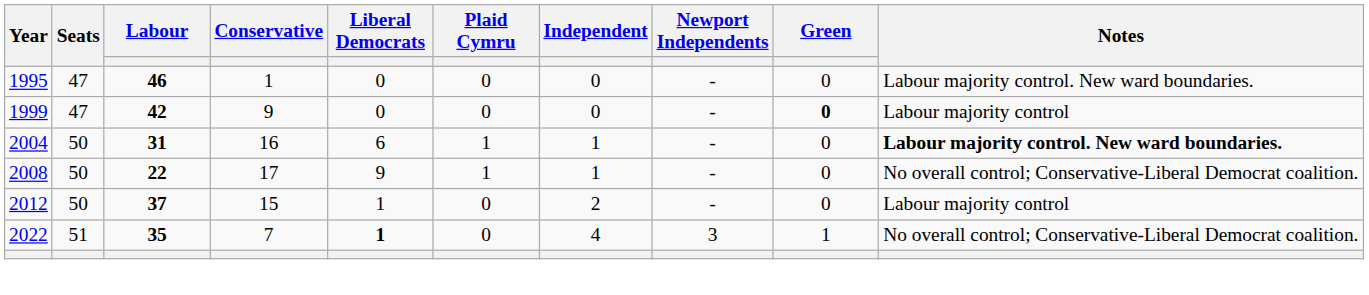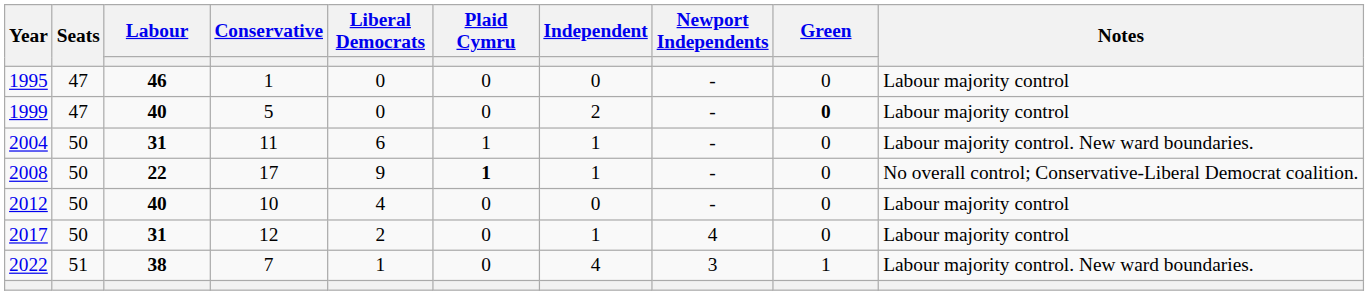 <table class="wikitable" style=text-align:center>
 <tr>
 <th rowspan=2>Year</th>
 <th rowspan=2>Seats</th>
 <th width="80"><a href='#'>Labour</a></th>
 <th width="80"><a href='#'>Conservative</a></th>
 <th width="80"><a href='#'>Liberal Democrats</a></th>
 <th width="80"><a href='#'>Plaid Cymru</a></th>
 <th width="80"><a href='#'>Independent</a></th>
 <th width="80"><a href='#'>Newport Independents</a></th>
 <th width="80"><a href='#'>Green</a></th>
 <th rowspan=2>Notes</th>
 </tr>
 <tr>
 <th style="background-color: "></th>
 <th style="background-color: "></th>
 <th style="background-color: "></th>
 <th style="background-color: "></th>
 <th style="background-color: "></th>
 <th style="background-color: "></th>
 <th style="background-color: "></th>
 </tr>
 <tr>
 <td><a href='#'>1995</a></td>
 <td>47</td>
 <td><strong>46</strong></td>
 <td>1</td>
 <td>0</td>
 <td>0</td>
 <td>0</td>
 <td>-</td>
 <td>0</td>
-<td align=left>Labour majority control. New ward boundaries.</td>
+<td align=left>Labour majority control</td>
 </tr>
 <tr>
 <td><a href='#'>1999</a></td>
 <td>47</td>
-<td><strong>42</strong></td>
-<td>9</td>
+<td><strong>40</strong></td>
+<td>5</td>
 <td>0</td>
 <td>0</td>
-<td>0</td>
+<td>2</td>
 <td>-</td>
 <td><strong>0</strong></td>
 <td align=left>Labour majority control</td>
 </tr>
 <tr>
 <td><a href='#'>2004</a></td>
 <td>50</td>
 <td><strong>31</strong></td>
-<td>16</td>
+<td>11</td>
 <td>6</td>
 <td>1</td>
 <td>1</td>
 <td>-</td>
 <td>0</td>
-<td align=left><strong>Labour majority control. New ward boundaries.</strong></td>
+<td align=left>Labour majority control. New ward boundaries.</td>
 </tr>
 <tr>
 <td><a href='#'>2008</a></td>
 <td>50</td>
 <td><strong>22</strong></td>
 <td>17</td>
 <td>9</td>
-<td>1</td>
+<td><strong>1</strong></td>
 <td>1</td>
 <td>-</td>
 <td>0</td>
 <td align=left>No overall control; Conservative-Liberal Democrat coalition.</td>
 </tr>
 <tr>
 <td><a href='#'>2012</a></td>
 <td>50</td>
-<td><strong>37</strong></td>
-<td>15</td>
+<td><strong>40</strong></td>
+<td>10</td>
+<td>4</td>
+<td>0</td>
+<td>0</td>
+<td>-</td>
+<td>0</td>
+<td align=left>Labour majority control</td>
+</tr>
+<tr>
+<td><a href='#'>2017</a></td>
+<td>50</td>
+<td><strong>31</strong></td>
+<td>12</td>
+<td>2</td>
+<td>0</td>
 <td>1</td>
-<td>0</td>
-<td>2</td>
-<td>-</td>
+<td>4</td>
 <td>0</td>
 <td align=left>Labour majority control</td>
 </tr>
 <tr>
 <td><a href='#'>2022</a></td>
 <td>51</td>
-<td><strong>35</strong></td>
+<td><strong>38</strong></td>
 <td>7</td>
-<td><strong>1</strong></td>
+<td>1</td>
 <td>0</td>
 <td>4</td>
 <td>3</td>
 <td>1</td>
-<td align=left>No overall control; Conservative-Liberal Democrat coalition.</td>
+<td align=left>Labour majority control. New ward boundaries.</td>
 </tr>
 <tr>
 <th></th>
 <th></th>
 <th style="background-color: "></th>
 <th style="background-color: "></th>
 <th style="background-color: "></th>
 <th style="background-color: "></th>
 <th style="background-color: "></th>
 <th style="background-color: "></th>
 <th style="background-color: "></th>
 <th></th>
 </tr>
 </table>
